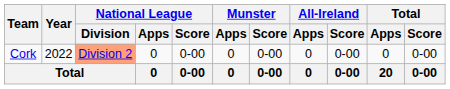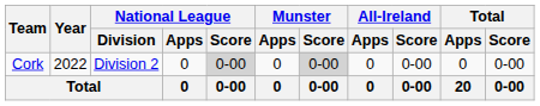 <table class="wikitable" style="text-align:center">
 <tr>
 <th rowspan="2">Team</th>
 <th rowspan="2">Year</th>
 <th colspan="3"><a href='#'>National League</a></th>
 <th colspan="2"><a href='#'>Munster</a></th>
 <th colspan="2"><a href='#'>All-Ireland</a></th>
 <th colspan="2">Total</th>
 </tr>
 <tr>
 <th>Division</th>
 <th>Apps</th>
 <th>Score</th>
 <th>Apps</th>
 <th>Score</th>
 <th>Apps</th>
 <th>Score</th>
 <th>Apps</th>
 <th>Score</th>
 </tr>
 <tr>
 <td rowspan="1"><a href='#'>Cork</a></td>
 <td>2022</td>
-<td rowspan="1" style="background: lightsalmon;"><a href='#'>Division 2</a></td>
+<td rowspan="1"><a href='#'>Division 2</a></td>
 <td>0</td>
-<td>0-00</td>
+<td style="background: lightgrey;">0-00</td>
 <td>0</td>
-<td>0-00</td>
+<td style="background: lightgrey;">0-00</td>
 <td>0</td>
 <td>0-00</td>
 <td>0</td>
 <td>0-00</td>
 </tr>
 <tr>
 <th colspan="3">Total</th>
 <th>0</th>
 <th>0-00</th>
 <th>0</th>
 <th>0-00</th>
 <th>0</th>
 <th>0-00</th>
 <th>20</th>
 <th>0-00</th>
 </tr>
 </table>
